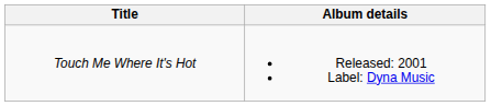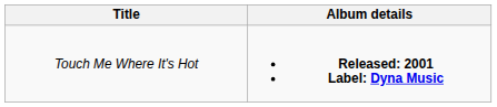 <table class="wikitable plainrowheaders" style="text-align:center;">
 <tr>
 <th scope="col" rowspan="1" style="width:18em;">Title</th>
 <th scope="col" rowspan="1" style="width:18em;">Album details</th>
 </tr>
 <tr>
 <td><em>Touch Me Where It's Hot</em></td>
-<td><br><ul><li>Released: 2001</li><li>Label: <a href='#'>Dyna Music</a></li></ul></td>
+<td><strong><br><ul><li>Released: 2001</li><li>Label: <a href='#'>Dyna Music</a></li></ul></strong></td>
 </tr>
 </table>
